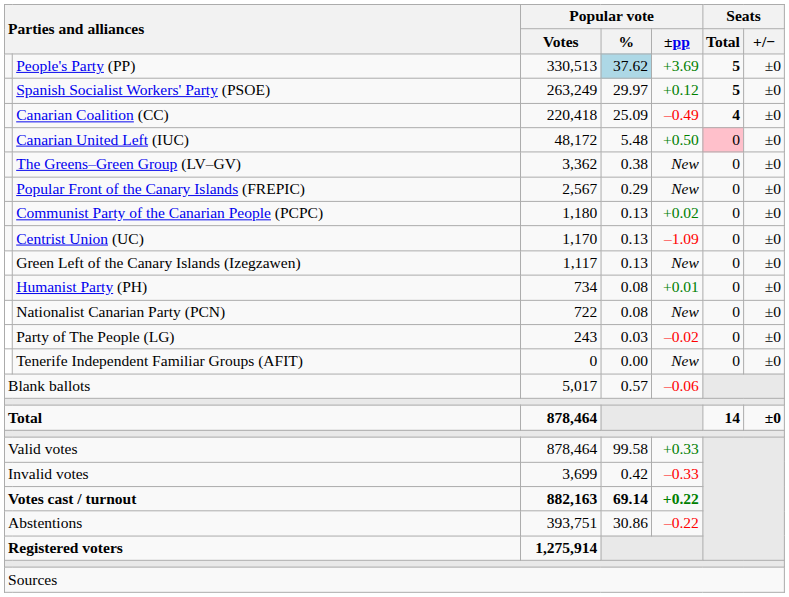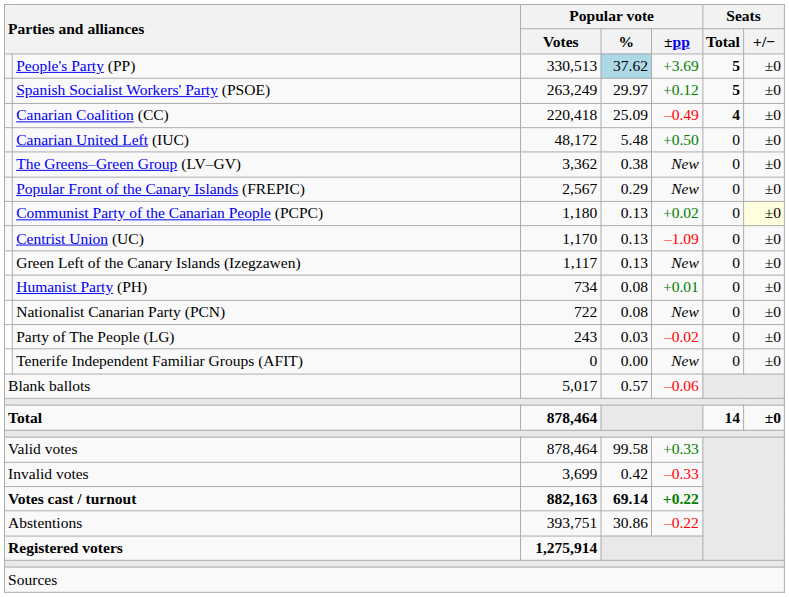 <table class="wikitable" style="text-align:right;">
 <tr>
 <th style="text-align:left;" rowspan="2" colspan="2" width="525">Parties and alliances</th>
 <th colspan="3">Popular vote</th>
 <th colspan="2">Seats</th>
 </tr>
 <tr>
 <th width="75">Votes</th>
 <th width="45">%</th>
 <th width="45">±<a href='#'>pp</a></th>
 <th width="35">Total</th>
 <th width="35">+/−</th>
 </tr>
 <tr>
 <td width="1" style="color:inherit;background:"></td>
 <td align="left"><a href='#'>People's Party</a> (PP)</td>
 <td>330,513</td>
 <td style="background: lightblue;">37.62</td>
 <td style="color:green;">+3.69</td>
 <td><strong>5</strong></td>
 <td>±0</td>
 </tr>
 <tr>
 <td style="color:inherit;background:"></td>
 <td align="left"><a href='#'>Spanish Socialist Workers' Party</a> (PSOE)</td>
 <td>263,249</td>
 <td>29.97</td>
 <td style="color:green;">+0.12</td>
 <td><strong>5</strong></td>
 <td>±0</td>
 </tr>
 <tr>
 <td style="color:inherit;background:"></td>
 <td align="left"><a href='#'>Canarian Coalition</a> (CC)</td>
 <td>220,418</td>
 <td>25.09</td>
 <td style="color:red;">–0.49</td>
 <td><strong>4</strong></td>
 <td>±0</td>
 </tr>
 <tr>
 <td style="color:inherit;background:"></td>
 <td align="left"><a href='#'>Canarian United Left</a> (IUC)</td>
 <td>48,172</td>
 <td>5.48</td>
 <td style="color:green;">+0.50</td>
-<td style="background: pink;">0</td>
+<td>0</td>
 <td>±0</td>
 </tr>
 <tr>
 <td style="color:inherit;background:"></td>
 <td align="left"><a href='#'>The Greens–Green Group</a> (LV–GV)</td>
 <td>3,362</td>
 <td>0.38</td>
 <td><em>New</em></td>
 <td>0</td>
 <td>±0</td>
 </tr>
 <tr>
 <td style="color:inherit;background:"></td>
 <td align="left"><a href='#'>Popular Front of the Canary Islands</a> (FREPIC)</td>
 <td>2,567</td>
 <td>0.29</td>
 <td><em>New</em></td>
 <td>0</td>
 <td>±0</td>
 </tr>
 <tr>
 <td style="color:inherit;background:"></td>
 <td align="left"><a href='#'>Communist Party of the Canarian People</a> (PCPC)</td>
 <td>1,180</td>
 <td>0.13</td>
 <td style="color:green;">+0.02</td>
 <td>0</td>
-<td>±0</td>
+<td style="background: lightyellow;">±0</td>
 </tr>
 <tr>
 <td style="color:inherit;background:"></td>
 <td align="left"><a href='#'>Centrist Union</a> (UC)</td>
 <td>1,170</td>
 <td>0.13</td>
 <td style="color:red;">–1.09</td>
 <td>0</td>
 <td>±0</td>
 </tr>
 <tr>
 <td bgcolor="white"></td>
 <td align="left">Green Left of the Canary Islands (Izegzawen)</td>
 <td>1,117</td>
 <td>0.13</td>
 <td><em>New</em></td>
 <td>0</td>
 <td>±0</td>
 </tr>
 <tr>
 <td style="color:inherit;background:"></td>
 <td align="left"><a href='#'>Humanist Party</a> (PH)</td>
 <td>734</td>
 <td>0.08</td>
 <td style="color:green;">+0.01</td>
 <td>0</td>
 <td>±0</td>
 </tr>
 <tr>
 <td bgcolor="white"></td>
 <td align="left">Nationalist Canarian Party (PCN)</td>
 <td>722</td>
 <td>0.08</td>
 <td><em>New</em></td>
 <td>0</td>
 <td>±0</td>
 </tr>
 <tr>
 <td bgcolor="white"></td>
 <td align="left">Party of The People (LG)</td>
 <td>243</td>
 <td>0.03</td>
 <td style="color:red;">–0.02</td>
 <td>0</td>
 <td>±0</td>
 </tr>
 <tr>
 <td bgcolor="white"></td>
 <td align="left">Tenerife Independent Familiar Groups (AFIT)</td>
 <td>0</td>
 <td>0.00</td>
 <td><em>New</em></td>
 <td>0</td>
 <td>±0</td>
 </tr>
 <tr>
 <td align="left" colspan="2">Blank ballots</td>
 <td>5,017</td>
 <td>0.57</td>
 <td style="color:red;">–0.06</td>
 <td bgcolor="#E9E9E9" colspan="2"></td>
 </tr>
 <tr>
 <td colspan="7" bgcolor="#E9E9E9"></td>
 </tr>
 <tr style="font-weight:bold;">
 <td align="left" colspan="2">Total</td>
 <td>878,464</td>
 <td bgcolor="#E9E9E9" colspan="2"></td>
 <td>14</td>
 <td>±0</td>
 </tr>
 <tr>
 <td colspan="7" bgcolor="#E9E9E9"></td>
 </tr>
 <tr>
 <td align="left" colspan="2">Valid votes</td>
 <td>878,464</td>
 <td>99.58</td>
 <td style="color:green;">+0.33</td>
 <td bgcolor="#E9E9E9" colspan="2" rowspan="5"></td>
 </tr>
 <tr>
 <td align="left" colspan="2">Invalid votes</td>
 <td>3,699</td>
 <td>0.42</td>
 <td style="color:red;">–0.33</td>
 </tr>
 <tr style="font-weight:bold;">
 <td align="left" colspan="2">Votes cast / turnout</td>
 <td>882,163</td>
 <td>69.14</td>
 <td style="color:green;">+0.22</td>
 </tr>
 <tr>
 <td align="left" colspan="2">Abstentions</td>
 <td>393,751</td>
 <td>30.86</td>
 <td style="color:red;">–0.22</td>
 </tr>
 <tr style="font-weight:bold;">
 <td align="left" colspan="2">Registered voters</td>
 <td>1,275,914</td>
 <td bgcolor="#E9E9E9" colspan="2"></td>
 </tr>
 <tr>
 <td colspan="7" bgcolor="#E9E9E9"></td>
 </tr>
 <tr>
 <td align="left" colspan="7">Sources</td>
 </tr>
 </table>
